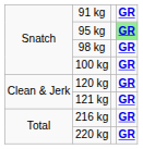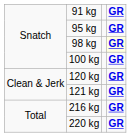 <table class = "wikitable" style="text-align:center;">
 <tr>
 <td rowspan=4>Snatch</td>
 <td>91 kg</td>
 <td align=left></td>
 <td><strong><a href='#'>GR</a></strong></td>
 </tr>
 <tr>
 <td>95 kg</td>
 <td align=left></td>
-<td style="background: lightgreen;"><strong><a href='#'>GR</a></strong></td>
+<td><strong><a href='#'>GR</a></strong></td>
 </tr>
 <tr>
 <td>98 kg</td>
 <td align=left></td>
-<td><strong><a href='#'>GR</a></strong></td>
+<td style="background: lightyellow;"><strong><a href='#'>GR</a></strong></td>
 </tr>
 <tr>
 <td>100 kg</td>
 <td align=left></td>
 <td><strong><a href='#'>GR</a></strong></td>
 </tr>
 <tr>
 <td rowspan=2>Clean & Jerk</td>
 <td>120 kg</td>
 <td align=left></td>
 <td><strong><a href='#'>GR</a></strong></td>
 </tr>
 <tr>
 <td>121 kg</td>
 <td align=left></td>
 <td><strong><a href='#'>GR</a></strong></td>
 </tr>
 <tr>
 <td rowspan=2>Total</td>
 <td>216 kg</td>
 <td align=left></td>
 <td><strong><a href='#'>GR</a></strong></td>
 </tr>
 <tr>
 <td>220 kg</td>
 <td align=left></td>
 <td><strong><a href='#'>GR</a></strong></td>
 </tr>
 </table>
